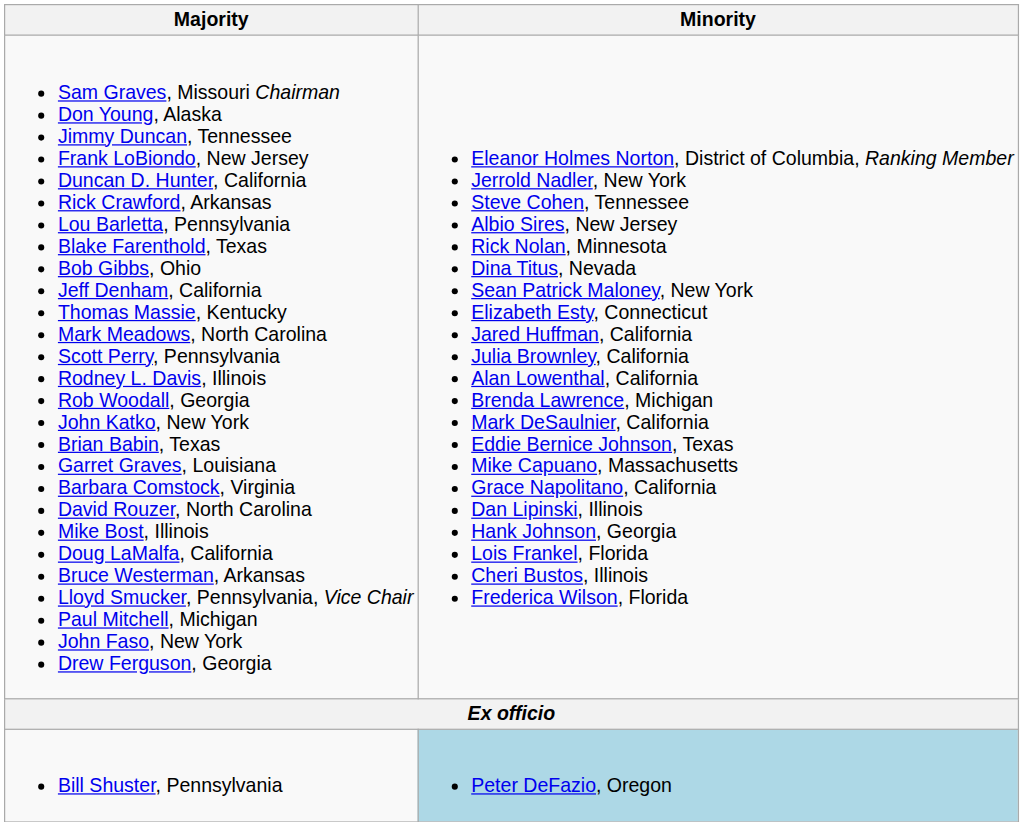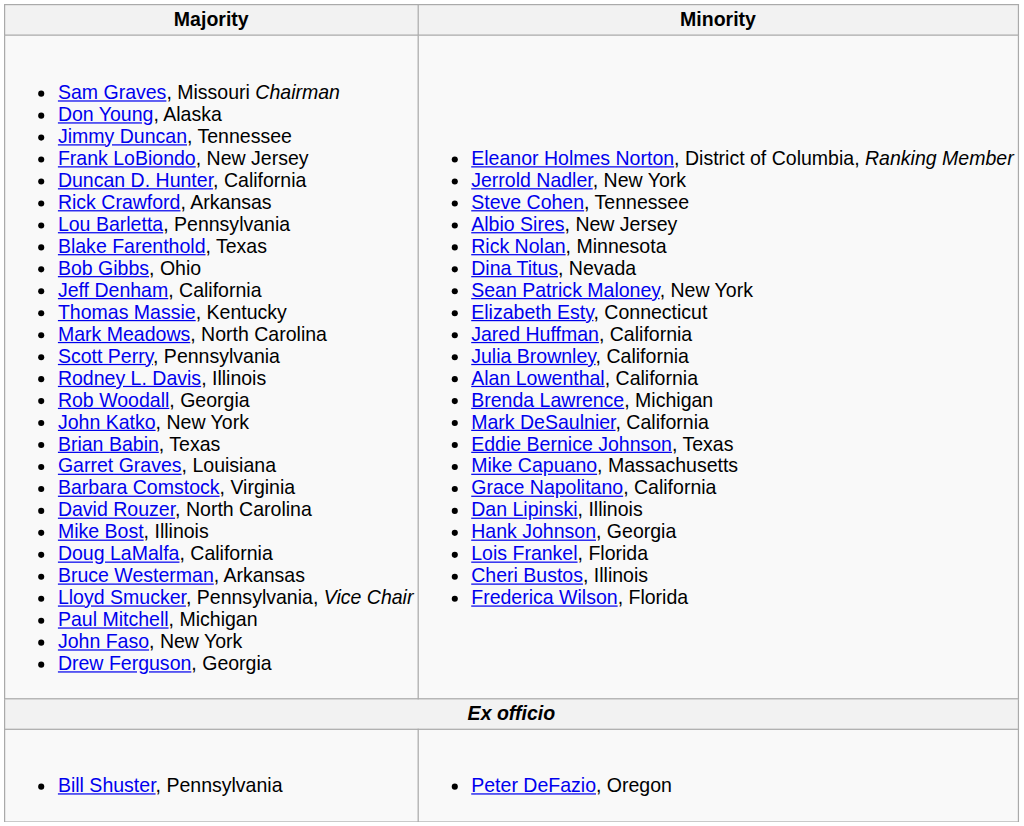 <table class=wikitable>
 <tr>
 <th>Majority</th>
 <th>Minority</th>
 </tr>
 <tr>
 <td><br><ul><li><a href='#'>Sam Graves</a>, Missouri <em>Chairman</em></li><li><a href='#'>Don Young</a>, Alaska</li><li><a href='#'>Jimmy Duncan</a>, Tennessee</li><li><a href='#'>Frank LoBiondo</a>, New Jersey</li><li><a href='#'>Duncan D. Hunter</a>, California</li><li><a href='#'>Rick Crawford</a>, Arkansas</li><li><a href='#'>Lou Barletta</a>, Pennsylvania</li><li><a href='#'>Blake Farenthold</a>, Texas</li><li><a href='#'>Bob Gibbs</a>, Ohio</li><li><a href='#'>Jeff Denham</a>, California</li><li><a href='#'>Thomas Massie</a>, Kentucky</li><li><a href='#'>Mark Meadows</a>, North Carolina</li><li><a href='#'>Scott Perry</a>, Pennsylvania</li><li><a href='#'>Rodney L. Davis</a>, Illinois</li><li><a href='#'>Rob Woodall</a>, Georgia</li><li><a href='#'>John Katko</a>, New York</li><li><a href='#'>Brian Babin</a>, Texas</li><li><a href='#'>Garret Graves</a>, Louisiana</li><li><a href='#'>Barbara Comstock</a>, Virginia</li><li><a href='#'>David Rouzer</a>, North Carolina</li><li><a href='#'>Mike Bost</a>, Illinois</li><li><a href='#'>Doug LaMalfa</a>, California</li><li><a href='#'>Bruce Westerman</a>, Arkansas</li><li><a href='#'>Lloyd Smucker</a>, Pennsylvania, <em>Vice Chair</em></li><li><a href='#'>Paul Mitchell</a>, Michigan</li><li><a href='#'>John Faso</a>, New York</li><li><a href='#'>Drew Ferguson</a>, Georgia</li></ul></td>
 <td><br><ul><li><a href='#'>Eleanor Holmes Norton</a>, District of Columbia, <em>Ranking Member</em></li><li><a href='#'>Jerrold Nadler</a>, New York</li><li><a href='#'>Steve Cohen</a>, Tennessee</li><li><a href='#'>Albio Sires</a>, New Jersey</li><li><a href='#'>Rick Nolan</a>, Minnesota</li><li><a href='#'>Dina Titus</a>, Nevada</li><li><a href='#'>Sean Patrick Maloney</a>, New York</li><li><a href='#'>Elizabeth Esty</a>, Connecticut</li><li><a href='#'>Jared Huffman</a>, California</li><li><a href='#'>Julia Brownley</a>, California</li><li><a href='#'>Alan Lowenthal</a>, California</li><li><a href='#'>Brenda Lawrence</a>, Michigan</li><li><a href='#'>Mark DeSaulnier</a>, California</li><li><a href='#'>Eddie Bernice Johnson</a>, Texas</li><li><a href='#'>Mike Capuano</a>, Massachusetts</li><li><a href='#'>Grace Napolitano</a>, California</li><li><a href='#'>Dan Lipinski</a>, Illinois</li><li><a href='#'>Hank Johnson</a>, Georgia</li><li><a href='#'>Lois Frankel</a>, Florida</li><li><a href='#'>Cheri Bustos</a>, Illinois</li><li><a href='#'>Frederica Wilson</a>, Florida</li></ul></td>
 </tr>
 <tr>
 <th colspan=2><em>Ex officio</em></th>
 </tr>
 <tr>
 <td><br><ul><li><a href='#'>Bill Shuster</a>, Pennsylvania</li></ul></td>
-<td style="background: lightblue;"><br><ul><li><a href='#'>Peter DeFazio</a>, Oregon</li></ul></td>
+<td><br><ul><li><a href='#'>Peter DeFazio</a>, Oregon</li></ul></td>
 </tr>
 </table>
